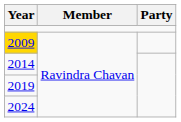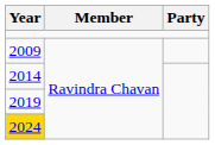 <table class="wikitable">
 <tr>
 <th>Year</th>
 <th>Member</th>
 <th colspan="2">Party</th>
 </tr>
 <tr>
 <td colspan="4"></td>
 </tr>
 <tr>
-<td style="background: gold;"><a href='#'>2009</a></td>
+<td><a href='#'>2009</a></td>
 <td rowspan="4"><a href='#'>Ravindra Chavan</a></td>
 <td></td>
 </tr>
 <tr>
 <td><a href='#'>2014</a></td>
 </tr>
 <tr>
 <td><a href='#'>2019</a></td>
 </tr>
 <tr>
-<td><a href='#'>2024</a></td>
+<td style="background: gold;"><a href='#'>2024</a></td>
 </tr>
 </table>
